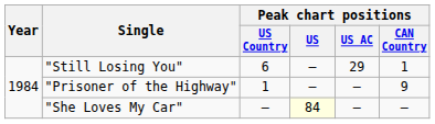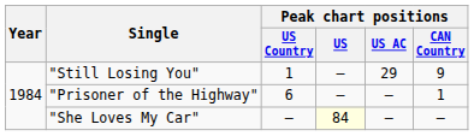 <table class="wikitable" style="text-align:center;">
 <tr>
 <th rowspan="2">Year</th>
 <th rowspan="2">Single</th>
 <th colspan="4">Peak chart positions</th>
 </tr>
 <tr style="font-size:smaller;">
 <th width="40"><a href='#'>US Country</a></th>
 <th width="40"><a href='#'>US</a></th>
 <th width="40"><a href='#'>US AC</a></th>
 <th width="40"><a href='#'>CAN Country</a></th>
 </tr>
 <tr>
 <td rowspan="3">1984</td>
 <td align="left">"Still Losing You"</td>
-<td>6</td>
+<td>1</td>
 <td>—</td>
 <td>29</td>
-<td>1</td>
+<td>9</td>
 </tr>
 <tr>
 <td align="left">"Prisoner of the Highway"</td>
-<td>1</td>
+<td>6</td>
 <td>—</td>
 <td>—</td>
-<td>9</td>
+<td>1</td>
 </tr>
 <tr>
 <td align="left">"She Loves My Car"</td>
 <td>—</td>
 <td style="background: lightyellow;">84</td>
 <td>—</td>
 <td>—</td>
 </tr>
 </table>
